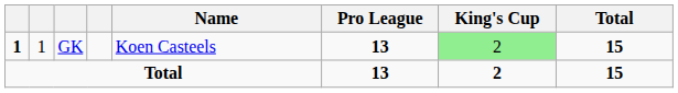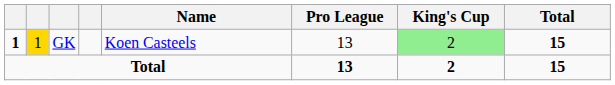 <table class="wikitable" style="text-align:center">
 <tr>
 <th width=15></th>
 <th width=15></th>
 <th width=15></th>
 <th width=15></th>
 <th width=185>Name</th>
 <th width=100>Pro League</th>
 <th width=100>King's Cup</th>
 <th width=100>Total</th>
 </tr>
 <tr>
 <td><strong>1</strong></td>
-<td>1</td>
+<td style="background: gold;">1</td>
 <td><a href='#'>GK</a></td>
 <td></td>
 <td align=left><a href='#'>Koen Casteels</a></td>
-<td><strong>13</strong></td>
+<td>13</td>
 <td style="background: lightgreen;">2</td>
 <td><strong>15</strong></td>
 </tr>
 <tr>
 <td colspan=5><strong>Total</strong></td>
 <td><strong>13</strong></td>
 <td><strong>2</strong></td>
 <td><strong>15</strong></td>
 </tr>
 </table>
